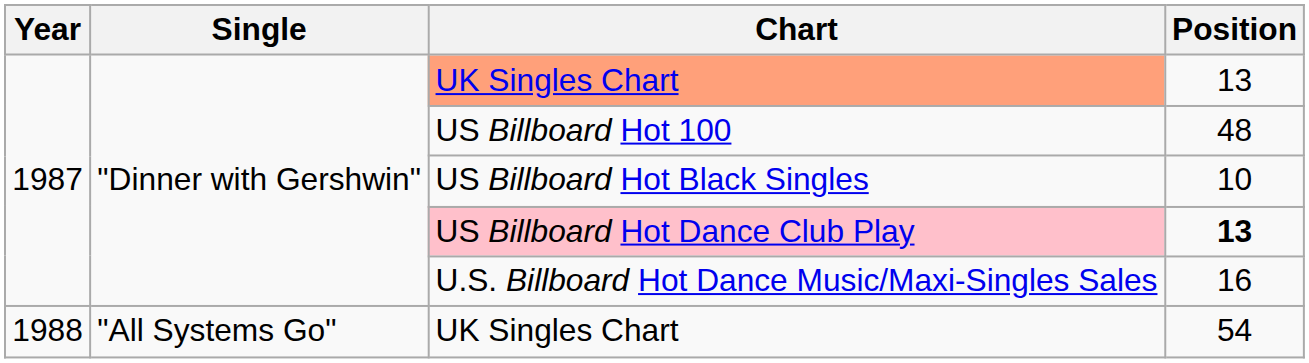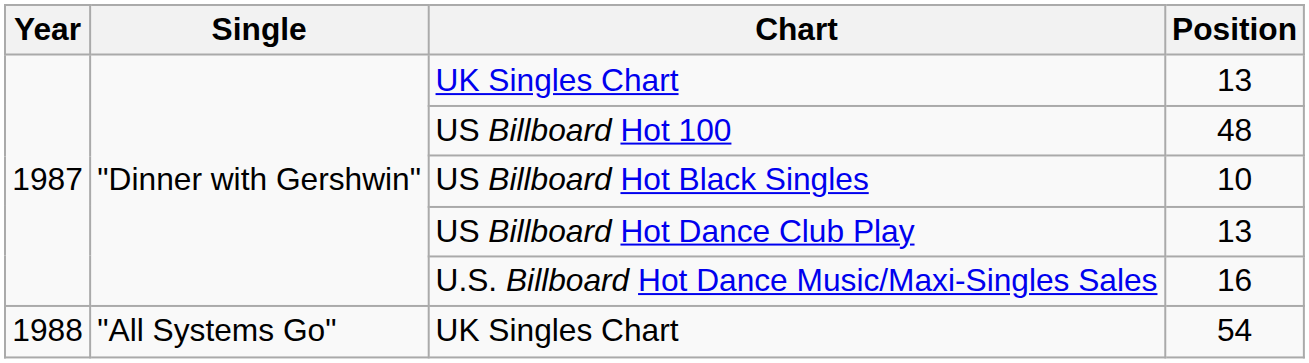 <table class="wikitable">
 <tr>
 <th>Year</th>
 <th>Single</th>
 <th>Chart</th>
 <th>Position</th>
 </tr>
 <tr>
 <td rowspan="5">1987</td>
 <td rowspan="5">"Dinner with Gershwin"</td>
-<td style="background: lightsalmon;"><a href='#'>UK Singles Chart</a></td>
+<td><a href='#'>UK Singles Chart</a></td>
 <td align="center">13</td>
 </tr>
 <tr>
 <td>US <em>Billboard</em> <a href='#'>Hot 100</a></td>
 <td align="center">48</td>
 </tr>
 <tr>
 <td>US <em>Billboard</em> <a href='#'>Hot Black Singles</a></td>
 <td align="center">10</td>
 </tr>
 <tr>
-<td style="background: pink;">US <em>Billboard</em> <a href='#'>Hot Dance Club Play</a></td>
-<td align="center"><strong>13</strong></td>
+<td>US <em>Billboard</em> <a href='#'>Hot Dance Club Play</a></td>
+<td align="center">13</td>
 </tr>
 <tr>
 <td>U.S. <em>Billboard</em> <a href='#'>Hot Dance Music/Maxi-Singles Sales</a></td>
 <td align="center">16</td>
 </tr>
 <tr>
 <td>1988</td>
 <td>"All Systems Go"</td>
 <td>UK Singles Chart</td>
 <td align="center">54</td>
 </tr>
 </table>
